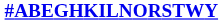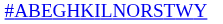 <table id="toc" class="toc" summary="Class">
 <tr>
 <th></th>
 </tr>
 <tr>
-<td style="text-align:center;"><strong><a href='#'>#</a><a href='#'>A</a><a href='#'>B</a><a href='#'>E</a><a href='#'>G</a><a href='#'>H</a><a href='#'>K</a><a href='#'>I</a><a href='#'>L</a><a href='#'>N</a><a href='#'>O</a><a href='#'>R</a><a href='#'>S</a><a href='#'>T</a><a href='#'>W</a><a href='#'>Y</a></strong></td>
+<td style="text-align:center;"><a href='#'>#</a><a href='#'>A</a><a href='#'>B</a><a href='#'>E</a><a href='#'>G</a><a href='#'>H</a><a href='#'>K</a><a href='#'>I</a><a href='#'>L</a><a href='#'>N</a><a href='#'>O</a><a href='#'>R</a><a href='#'>S</a><a href='#'>T</a><a href='#'>W</a><a href='#'>Y</a></td>
 </tr>
 </table>
